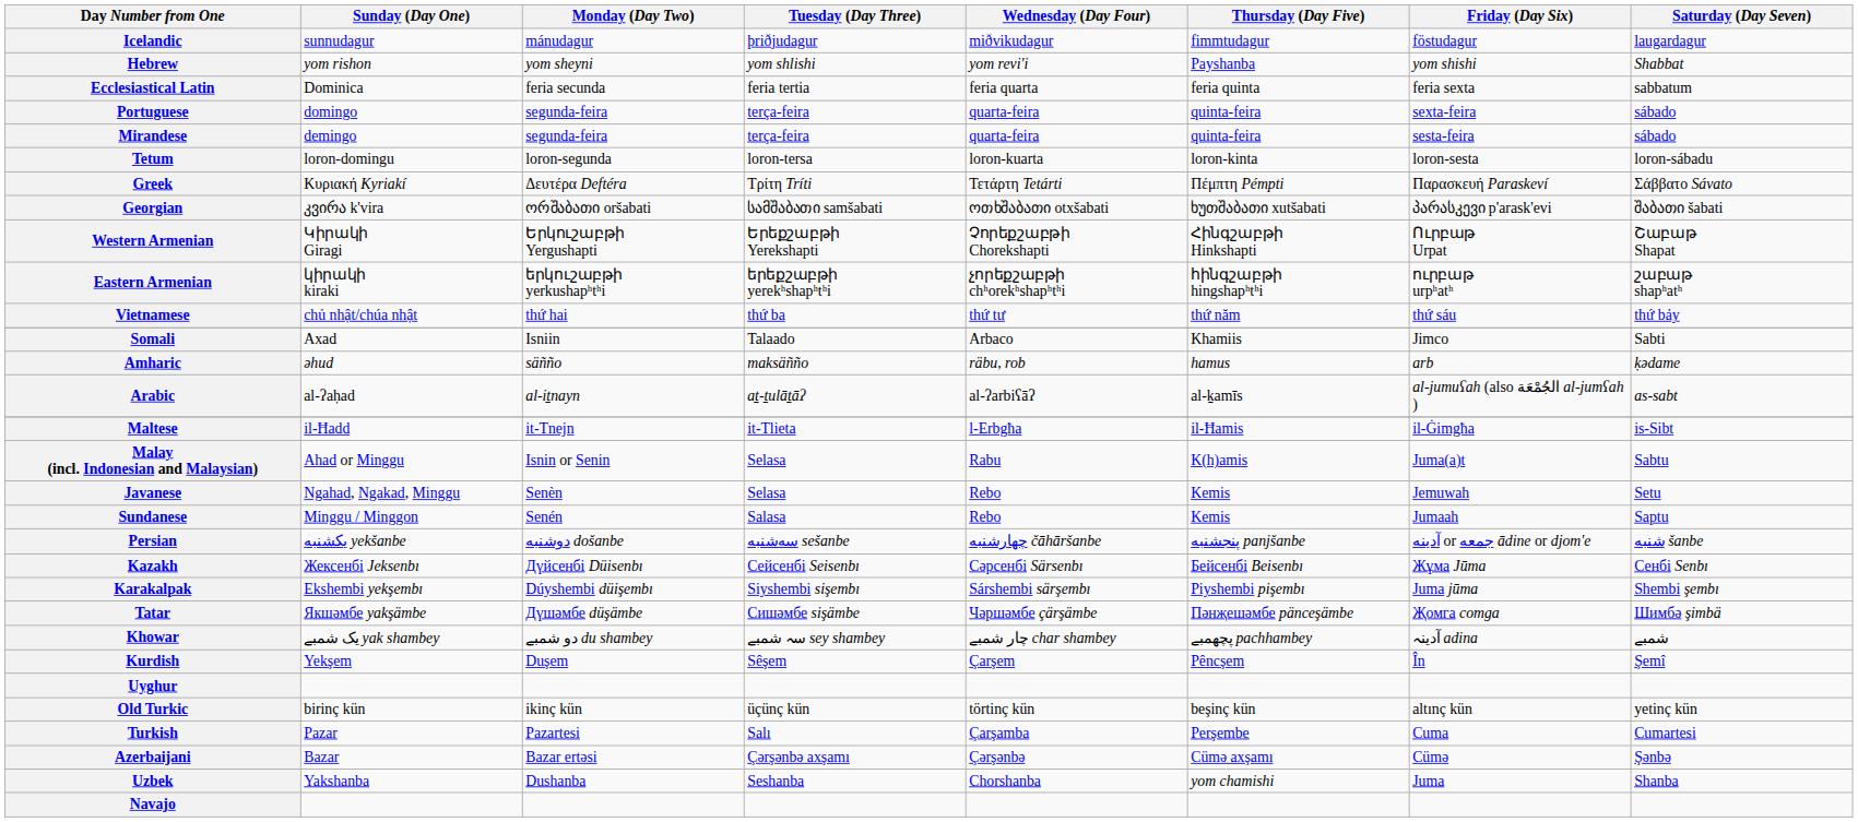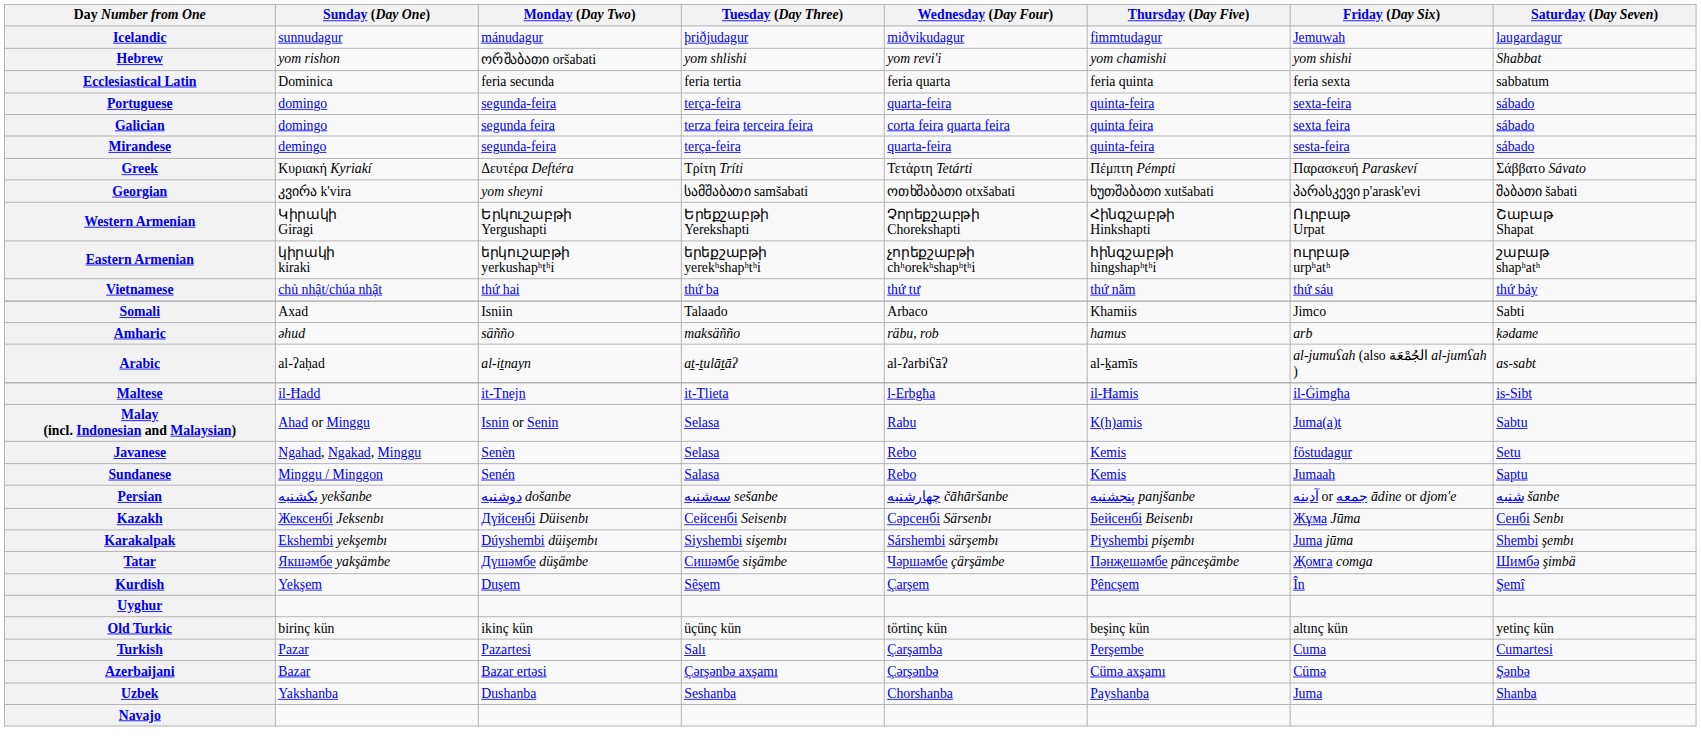 <table cellspacing="1" style="width:100 [10100 ] [10100 ]%;" class="wikitable">
 <tr>
 <th style="width:16%;">Day <em>Number from One</em></th>
 <th style="width:12%;"><a href='#'>Sunday</a> (<em>Day One</em>)</th>
 <th style="width:12%;"><a href='#'>Monday</a> (<em>Day Two</em>)</th>
 <th style="width:12%;"><a href='#'>Tuesday</a> (<em>Day Three</em>)</th>
 <th style="width:12%;"><a href='#'>Wednesday</a> (<em>Day Four</em>)</th>
 <th style="width:12%;"><a href='#'>Thursday</a> (<em>Day Five</em>)</th>
 <th style="width:12%;"><a href='#'>Friday</a> (<em>Day Six</em>)</th>
 <th style="width:12%;"><a href='#'>Saturday</a> (<em>Day Seven</em>)</th>
 </tr>
 <tr>
 <th><a href='#'>Icelandic</a></th>
 <td><a href='#'>sunnudagur</a></td>
 <td><a href='#'>mánudagur</a></td>
 <td><a href='#'>þriðjudagur</a></td>
 <td><a href='#'>miðvikudagur</a> </td>
 <td><a href='#'>fimmtudagur</a></td>
-<td><a href='#'>föstudagur</a> </td>
+<td><a href='#'>Jemuwah</a> </td>
 <td><a href='#'>laugardagur</a> </td>
 </tr>
 <tr>
 <th><a href='#'>Hebrew</a></th>
 <td><a href='#'></a>  <em>yom rishon</em></td>
-<td><a href='#'></a>  <em>yom sheyni</em></td>
+<td>ორშაბათი  oršabati</td>
 <td><a href='#'></a> <em>yom shlishi</em></td>
 <td><a href='#'></a>  <em>yom revi'i</em></td>
-<td><a href='#'>Payshanba</a></td>
+<td><a href='#'></a>  <em>yom chamishi</em></td>
 <td><a href='#'></a>  <em>yom shishi</em></td>
 <td><a href='#'></a>   <em>Shabbat</em></td>
 </tr>
 <tr>
 <th><a href='#'>Ecclesiastical Latin</a></th>
 <td>Dominica </td>
 <td>feria secunda</td>
 <td>feria tertia</td>
 <td>feria quarta</td>
 <td>feria quinta</td>
 <td>feria sexta</td>
 <td>sabbatum </td>
 </tr>
 <tr>
 <th><a href='#'>Portuguese</a></th>
 <td><a href='#'>domingo</a> </td>
 <td><a href='#'>segunda-feira</a></td>
 <td><a href='#'>terça-feira</a></td>
 <td><a href='#'>quarta-feira</a></td>
 <td><a href='#'>quinta-feira</a></td>
 <td><a href='#'>sexta-feira</a></td>
 <td><a href='#'>sábado</a> </td>
 </tr>
 <tr>
+<th><a href='#'>Galician</a></th>
+<td><a href='#'>domingo</a> </td>
+<td><a href='#'>segunda feira</a></td>
+<td><a href='#'>terza feira</a>  <a href='#'>terceira feira</a></td>
+<td><a href='#'>corta feira</a>  <a href='#'>quarta feira</a></td>
+<td><a href='#'>quinta feira</a></td>
+<td><a href='#'>sexta feira</a></td>
+<td><a href='#'>sábado</a> </td>
+</tr>
+<tr>
 <th><a href='#'>Mirandese</a></th>
 <td><a href='#'>demingo</a> </td>
 <td><a href='#'>segunda-feira</a></td>
 <td><a href='#'>terça-feira</a></td>
 <td><a href='#'>quarta-feira</a></td>
 <td><a href='#'>quinta-feira</a></td>
 <td><a href='#'>sesta-feira</a></td>
 <td><a href='#'>sábado</a> </td>
-</tr>
-<tr>
-<th><a href='#'>Tetum</a></th>
-<td>loron-domingu</td>
-<td>loron-segunda</td>
-<td>loron-tersa</td>
-<td>loron-kuarta</td>
-<td>loron-kinta</td>
-<td>loron-sesta</td>
-<td>loron-sábadu</td>
 </tr>
 <tr>
 <th><a href='#'>Greek</a></th>
 <td>Κυριακή   <em>Kyriakí</em> </td>
 <td>Δευτέρα  <em>Deftéra</em></td>
 <td>Τρίτη   <em>Tríti</em></td>
 <td>Τετάρτη  <em>Tetárti</em></td>
 <td>Πέμπτη  <em>Pémpti</em></td>
 <td>Παρασκευή  <em>Paraskeví</em> </td>
 <td>Σάββατο  <em>Sávato</em> </td>
 </tr>
 <tr>
 <th><a href='#'>Georgian</a></th>
 <td>კვირა  k'vira </td>
-<td>ორშაბათი  oršabati</td>
+<td><a href='#'></a>  <em>yom sheyni</em></td>
 <td>სამშაბათი  samšabati</td>
 <td>ოთხშაბათი  otxšabati</td>
 <td>ხუთშაბათი  xutšabati</td>
 <td>პარასკევი  p'arask'evi </td>
 <td>შაბათი  šabati </td>
 </tr>
 <tr>
 <th><a href='#'>Western Armenian</a></th>
 <td>Կիրակի<br>Giragi </td>
 <td>Երկուշաբթի<br>Yergushapti</td>
 <td>Երեքշաբթի<br>Yerekshapti</td>
 <td>Չորեքշաբթի<br>Chorekshapti</td>
 <td>Հինգշաբթի<br>Hinkshapti</td>
 <td>Ուրբաթ<br>Urpat </td>
 <td>Շաբաթ<br>Shapat </td>
 </tr>
 <tr>
 <th><a href='#'>Eastern Armenian</a></th>
 <td>կիրակի<br>kiraki </td>
 <td>երկուշաբթի<br>yerkushapʰtʰi</td>
 <td>երեքշաբթի<br>yerekʰshapʰtʰi</td>
 <td>չորեքշաբթի<br>chʰorekʰshapʰtʰi</td>
 <td>հինգշաբթի<br>hingshapʰtʰi</td>
 <td>ուրբաթ<br>urpʰatʰ </td>
 <td>շաբաթ<br>shapʰatʰ </td>
 </tr>
 <tr>
 <th><a href='#'>Vietnamese</a></th>
 <td><a href='#'>chủ nhật/chúa nhật</a> </td>
 <td><a href='#'>thứ hai</a></td>
 <td><a href='#'>thứ ba</a></td>
 <td><a href='#'>thứ tư</a></td>
 <td><a href='#'>thứ năm</a></td>
 <td><a href='#'>thứ sáu</a></td>
 <td><a href='#'>thứ bảy</a></td>
 </tr>
 <tr>
 </tr>
 <tr>
 <th><a href='#'>Somali</a></th>
 <td> Axad</td>
 <td> Isniin</td>
 <td> Talaado</td>
 <td> Arbaco</td>
 <td> Khamiis</td>
 <td> Jimco</td>
 <td> Sabti</td>
 </tr>
 <tr>
 <th><a href='#'>Amharic</a></th>
 <td> <em>əhud</em></td>
 <td> <em>säñño</em></td>
 <td> <em>maksäñño</em></td>
 <td> <em>räbu</em>,  <em>rob</em></td>
 <td> <em>hamus</em></td>
 <td> <em>arb</em></td>
 <td> <em>ḳədame</em></td>
 </tr>
 <tr>
 <th><a href='#'>Arabic</a></th>
 <td> al-ʔaḥad</td>
 <td> <em>al-iṯnayn</em></td>
 <td> <em>aṯ-ṯulāṯāʔ</em></td>
 <td> al-ʔarbiʕāʔ</td>
 <td> al-ḵamīs</td>
 <td> <em>al-jumuʕah</em>  (also الجُمْعَة <em>al-jumʕah</em> )</td>
 <td> <em>as-sabt</em> </td>
 </tr>
 <tr>
 </tr>
 <tr>
 <th><a href='#'>Maltese</a></th>
 <td><a href='#'>il-Ħadd</a></td>
 <td><a href='#'>it-Tnejn</a></td>
 <td><a href='#'>it-Tlieta</a></td>
 <td><a href='#'>l-Erbgħa</a></td>
 <td><a href='#'>il-Ħamis</a></td>
 <td><a href='#'>il-Ġimgħa</a> </td>
 <td><a href='#'>is-Sibt</a> </td>
 </tr>
 <tr>
 <th><a href='#'>Malay</a><br>(incl. <a href='#'>Indonesian</a> and <a href='#'>Malaysian</a>)</th>
 <td><a href='#'>Ahad</a> or <a href='#'>Minggu</a></td>
 <td><a href='#'>Isnin</a> or <a href='#'>Senin</a></td>
 <td><a href='#'>Selasa</a></td>
 <td><a href='#'>Rabu</a></td>
 <td><a href='#'>K(h)amis</a></td>
 <td><a href='#'>Juma(a)t</a> </td>
 <td><a href='#'>Sabtu</a> </td>
 </tr>
 <tr>
 <th><a href='#'>Javanese</a></th>
 <td><a href='#'>Ngahad</a>, <a href='#'>Ngakad</a>, <a href='#'>Minggu</a></td>
 <td><a href='#'>Senèn</a></td>
 <td><a href='#'>Selasa</a></td>
 <td><a href='#'>Rebo</a></td>
 <td><a href='#'>Kemis</a></td>
-<td><a href='#'>Jemuwah</a> </td>
+<td><a href='#'>föstudagur</a> </td>
 <td><a href='#'>Setu</a> </td>
 </tr>
 <tr>
 <th><a href='#'>Sundanese</a></th>
 <td><a href='#'>Minggu / Minggon</a> </td>
 <td><a href='#'>Senén</a></td>
 <td><a href='#'>Salasa</a></td>
 <td><a href='#'>Rebo</a></td>
 <td><a href='#'>Kemis</a></td>
 <td><a href='#'>Jumaah</a> </td>
 <td><a href='#'>Saptu</a> </td>
 </tr>
 <tr>
 <th><a href='#'>Persian</a></th>
 <td><a href='#'>یکشنبه</a>  <em>yekšanbe</em></td>
 <td><a href='#'>دوشنبه</a>  <em>došanbe</em></td>
 <td><a href='#'>سه‌شنبه</a>  <em>sešanbe</em></td>
 <td><a href='#'>چهارشنبه</a>  <em>čāhāršanbe</em></td>
 <td><a href='#'>پنجشنبه</a>  <em>panjšanbe</em></td>
 <td><a href='#'>آدینه</a> or <a href='#'>جمعه</a>  <em>ādine</em>  or <em>djom'e</em> </td>
 <td><a href='#'>شنبه</a>  <em>šanbe</em></td>
 </tr>
 <tr>
 <th><a href='#'>Kazakh</a></th>
 <td><a href='#'>Жексенбі</a>  <em>Jeksenbı</em></td>
 <td><a href='#'>Дүйсенбі</a>  <em>Düisenbı</em></td>
 <td><a href='#'>Сейсенбі</a>  <em>Seisenbı</em></td>
 <td><a href='#'>Сәрсенбі</a>  <em>Särsenbı</em></td>
 <td><a href='#'>Бейсенбі</a>  <em>Beisenbı</em></td>
 <td><a href='#'>Жұма</a>  <em>Jūma</em></td>
 <td><a href='#'>Сенбі</a>  <em>Senbı</em></td>
 </tr>
 <tr>
 <th><a href='#'>Karakalpak</a></th>
 <td><a href='#'>Ekshembi</a>  <em>yekşembı</em></td>
 <td><a href='#'>Dúyshembi</a>  <em>düişembı</em></td>
 <td><a href='#'>Siyshembi</a>  <em>sişembı</em></td>
 <td><a href='#'>Sárshembi</a>  <em>särşembı</em></td>
 <td><a href='#'>Piyshembi</a>  <em>pişembı</em></td>
 <td><a href='#'>Jumа</a>  <em>jūma</em></td>
 <td><a href='#'>Shembі</a>  <em>şembı</em></td>
 </tr>
 <tr>
 <th><a href='#'>Tatar</a></th>
 <td><a href='#'>Якшәмбе</a>  <em>yakşämbe</em></td>
 <td><a href='#'>Дүшәмбе</a>  <em>düşämbe</em></td>
 <td><a href='#'>Сишәмбе</a>  <em>sişämbe</em></td>
 <td><a href='#'>Чәршәмбе</a>  <em>çärşämbe</em></td>
 <td><a href='#'>Пәнҗешәмбе</a>  <em>pänceşämbe</em></td>
 <td><a href='#'>Җомга</a>  <em>comga</em></td>
 <td><a href='#'>Шимбә</a>  <em>şimbä</em></td>
-</tr>
-<tr>
-<th><a href='#'>Khowar</a></th>
-<td>یک شمبے  <em>yak shambey</em></td>
-<td>دو شمبے  <em>du shambey</em></td>
-<td>سہ شمبے  <em>sey shambey</em></td>
-<td>چار شمبے  <em>char shambey</em></td>
-<td>پچھمبے  <em>pachhambey</em></td>
-<td>آدینہ  <em>adina</em></td>
-<td>شمبے</td>
 </tr>
 <tr>
 <th><a href='#'>Kurdish</a></th>
 <td><a href='#'>Yekşem</a></td>
 <td><a href='#'>Duşem</a></td>
 <td><a href='#'>Sêşem</a></td>
 <td><a href='#'>Çarşem</a></td>
 <td><a href='#'>Pêncşem</a></td>
 <td><a href='#'>În</a></td>
 <td><a href='#'>Şemî</a></td>
 </tr>
 <tr>
 <th><a href='#'>Uyghur</a></th>
 <td></td>
 <td></td>
 <td></td>
 <td></td>
 <td></td>
 <td></td>
 <td></td>
 </tr>
 <tr>
 <th><a href='#'>Old Turkic</a></th>
 <td>birinç kün</td>
 <td>ikinç kün</td>
 <td>üçünç kün</td>
 <td>törtinç kün</td>
 <td>beşinç kün</td>
 <td>altınç kün</td>
 <td>yetinç kün</td>
 </tr>
 <tr>
 <th><a href='#'>Turkish</a></th>
 <td><a href='#'>Pazar</a> </td>
 <td><a href='#'>Pazartesi</a> </td>
 <td><a href='#'>Salı</a></td>
 <td><a href='#'>Çarşamba</a></td>
 <td><a href='#'>Perşembe</a></td>
 <td><a href='#'>Cuma</a> </td>
 <td><a href='#'>Cumartesi</a> </td>
 </tr>
 <tr>
 <th><a href='#'>Azerbaijani</a></th>
 <td><a href='#'>Bazar</a></td>
 <td><a href='#'>Bazar ertəsi</a></td>
 <td><a href='#'>Çərşənbə axşamı</a></td>
 <td><a href='#'>Çərşənbə</a></td>
 <td><a href='#'>Cümə axşamı</a></td>
 <td><a href='#'>Cümə</a></td>
 <td><a href='#'>Şənbə</a></td>
 </tr>
 <tr>
 <th><a href='#'>Uzbek</a></th>
 <td><a href='#'>Yakshanba</a></td>
 <td><a href='#'>Dushanba</a></td>
 <td><a href='#'>Seshanba</a></td>
 <td><a href='#'>Chorshanba</a></td>
-<td><a href='#'></a>  <em>yom chamishi</em></td>
+<td><a href='#'>Payshanba</a></td>
 <td><a href='#'>Juma</a></td>
 <td><a href='#'>Shanba</a></td>
 </tr>
 <tr>
 <th><a href='#'>Navajo</a></th>
 <td> </td>
 <td></td>
 <td></td>
 <td></td>
 <td></td>
 <td></td>
 <td></td>
 </tr>
 </table>
